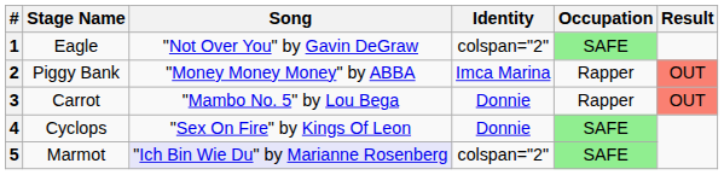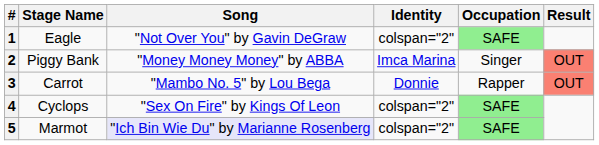 <table class="wikitable plainrowheaders" style="text-align: center;">
 <tr>
 <th><strong>#</strong></th>
 <th><strong>Stage Name</strong></th>
 <th><strong>Song</strong></th>
 <th>Identity</th>
 <th><strong>Occupation</strong></th>
 <th>Result</th>
 </tr>
 <tr>
 <th>1</th>
 <td>Eagle</td>
 <td>"<a href='#'>Not Over You</a>" by <a href='#'>Gavin DeGraw</a></td>
 <td>colspan="2" </td>
 <td bgcolor="lightgreen">SAFE</td>
 </tr>
 <tr>
 <th>2</th>
 <td>Piggy Bank</td>
 <td>"<a href='#'>Money Money Money</a>" by <a href='#'>ABBA</a></td>
 <td><a href='#'>Imca Marina</a></td>
-<td>Rapper</td>
+<td>Singer</td>
 <td bgcolor="salmon">OUT</td>
 </tr>
 <tr>
 <th>3</th>
 <td>Carrot</td>
 <td>"<a href='#'>Mambo No. 5</a>" by <a href='#'>Lou Bega</a></td>
 <td><a href='#'>Donnie</a></td>
 <td>Rapper</td>
 <td bgcolor="salmon">OUT</td>
 </tr>
 <tr>
 <th>4</th>
 <td>Cyclops</td>
 <td>"<a href='#'>Sex On Fire</a>" by <a href='#'>Kings Of Leon</a></td>
-<td><a href='#'>Donnie</a></td>
+<td>colspan="2" </td>
 <td bgcolor="lightgreen">SAFE</td>
 </tr>
 <tr>
 <th>5</th>
 <td>Marmot</td>
 <td style="background: lavender;">"<a href='#'>Ich Bin Wie Du</a>" by <a href='#'>Marianne Rosenberg</a></td>
 <td>colspan="2" </td>
 <td bgcolor="lightgreen">SAFE</td>
 </tr>
 </table>
